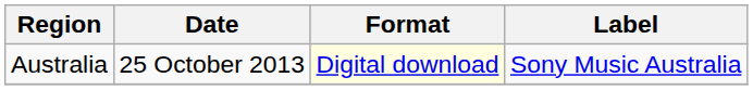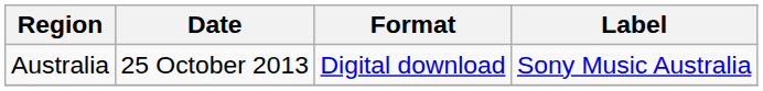 <table class=wikitable>
 <tr>
 <th>Region</th>
 <th>Date</th>
 <th>Format</th>
 <th>Label</th>
 </tr>
 <tr>
 <td>Australia</td>
 <td>25 October 2013</td>
-<td style="background: lightyellow;"><a href='#'>Digital download</a></td>
+<td><a href='#'>Digital download</a></td>
 <td><a href='#'>Sony Music Australia</a></td>
 </tr>
 <tr>
 </tr>
 </table>
